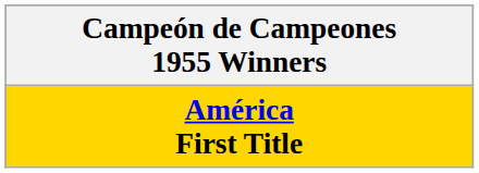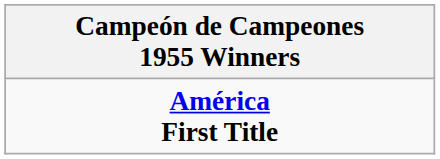 <table class="wikitable" style="text-align: center; margin: 0 auto; width: 20%">
 <tr>
 <th>Campeón de Campeones <br>1955 Winners</th>
 </tr>
 <tr>
-<td style="background: gold;"><strong><a href='#'>América</a></strong><br><strong>First Title</strong></td>
+<td><strong><a href='#'>América</a></strong><br><strong>First Title</strong></td>
 </tr>
 </table>
